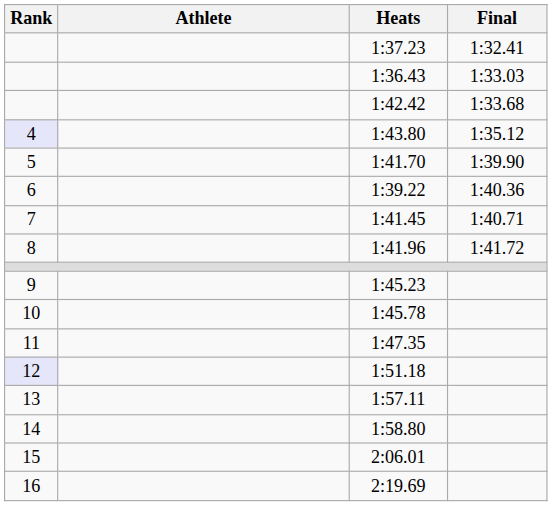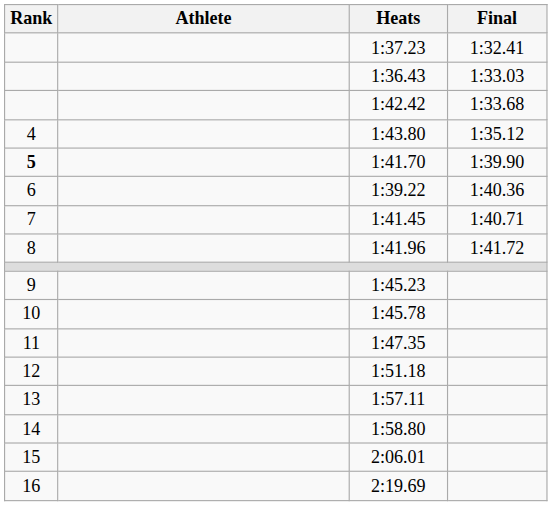 <table class=wikitable style="text-align:center">
 <tr>
 <th width=40>Rank</th>
 <th width=250>Athlete</th>
 <th width=80>Heats</th>
 <th width=80>Final</th>
 </tr>
 <tr>
 <td></td>
 <td align=left></td>
 <td>1:37.23</td>
 <td>1:32.41</td>
 </tr>
 <tr>
 <td></td>
 <td align=left></td>
 <td>1:36.43</td>
 <td>1:33.03</td>
 </tr>
 <tr>
 <td></td>
 <td align=left></td>
 <td>1:42.42</td>
 <td>1:33.68</td>
 </tr>
 <tr>
-<td style="background: lavender;">4</td>
+<td>4</td>
 <td align=left></td>
 <td>1:43.80</td>
 <td>1:35.12</td>
 </tr>
 <tr>
-<td>5</td>
+<td><strong>5</strong></td>
 <td align=left></td>
 <td>1:41.70</td>
 <td>1:39.90</td>
 </tr>
 <tr>
 <td>6</td>
 <td align=left></td>
 <td>1:39.22</td>
 <td>1:40.36</td>
 </tr>
 <tr>
 <td>7</td>
 <td align=left></td>
 <td>1:41.45</td>
 <td>1:40.71</td>
 </tr>
 <tr>
 <td>8</td>
 <td align=left></td>
 <td>1:41.96</td>
 <td>1:41.72</td>
 </tr>
 <tr bgcolor=#DDDDDD>
 <td colspan=4></td>
 </tr>
 <tr>
 <td>9</td>
 <td align=left></td>
 <td>1:45.23</td>
 <td></td>
 </tr>
 <tr>
 <td>10</td>
 <td align=left></td>
 <td>1:45.78</td>
 <td></td>
 </tr>
 <tr>
 <td>11</td>
 <td align=left></td>
 <td>1:47.35</td>
 <td></td>
 </tr>
 <tr>
-<td style="background: lavender;">12</td>
+<td>12</td>
 <td align=left></td>
 <td>1:51.18</td>
 <td></td>
 </tr>
 <tr>
 <td>13</td>
 <td align=left></td>
 <td>1:57.11</td>
 <td></td>
 </tr>
 <tr>
 <td>14</td>
 <td align=left></td>
 <td>1:58.80</td>
 <td></td>
 </tr>
 <tr>
 <td>15</td>
 <td align=left></td>
 <td>2:06.01</td>
 <td></td>
 </tr>
 <tr>
 <td>16</td>
 <td align=left></td>
 <td>2:19.69</td>
 <td></td>
 </tr>
 </table>
